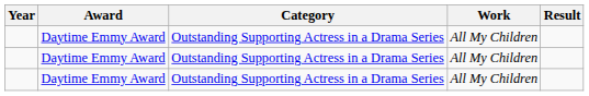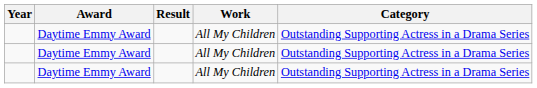 <table class="wikitable sortable plainrowheaders">
 <tr>
 <th scope="col">Year</th>
 <th scope="col">Award</th>
+<th scope="col">Result</th>
+<th scope="col">Work</th>
 <th scope="col">Category</th>
-<th scope="col">Work</th>
-<th scope="col">Result</th>
 </tr>
 <tr>
 <td></td>
 <td><a href='#'>Daytime Emmy Award</a></td>
+<td></td>
+<td><em>All My Children</em></td>
 <td><a href='#'>Outstanding Supporting Actress in a Drama Series</a></td>
-<td><em>All My Children</em></td>
-<td></td>
 </tr>
 <tr>
 <td></td>
 <td><a href='#'>Daytime Emmy Award</a></td>
+<td></td>
+<td><em>All My Children</em></td>
 <td><a href='#'>Outstanding Supporting Actress in a Drama Series</a></td>
-<td><em>All My Children</em></td>
-<td></td>
 </tr>
 <tr>
 <td></td>
 <td><a href='#'>Daytime Emmy Award</a></td>
+<td></td>
+<td><em>All My Children</em></td>
 <td><a href='#'>Outstanding Supporting Actress in a Drama Series</a></td>
-<td><em>All My Children</em></td>
-<td></td>
 </tr>
 </table>
